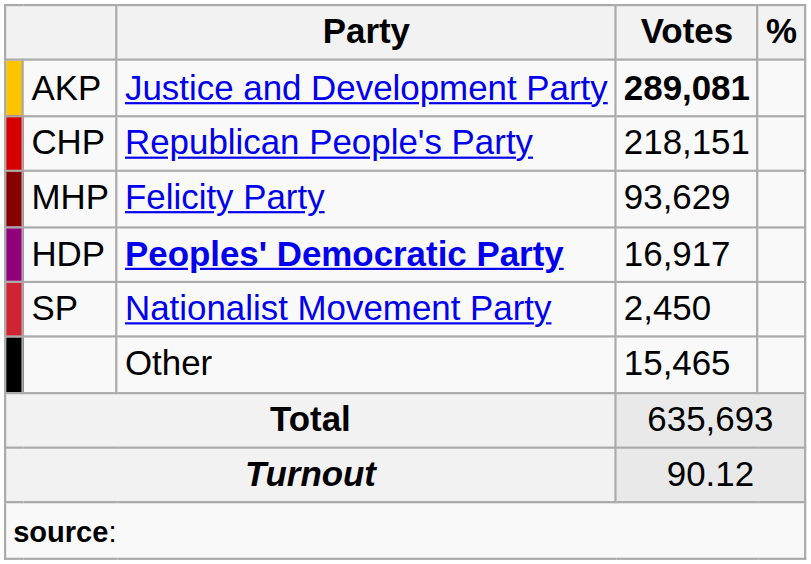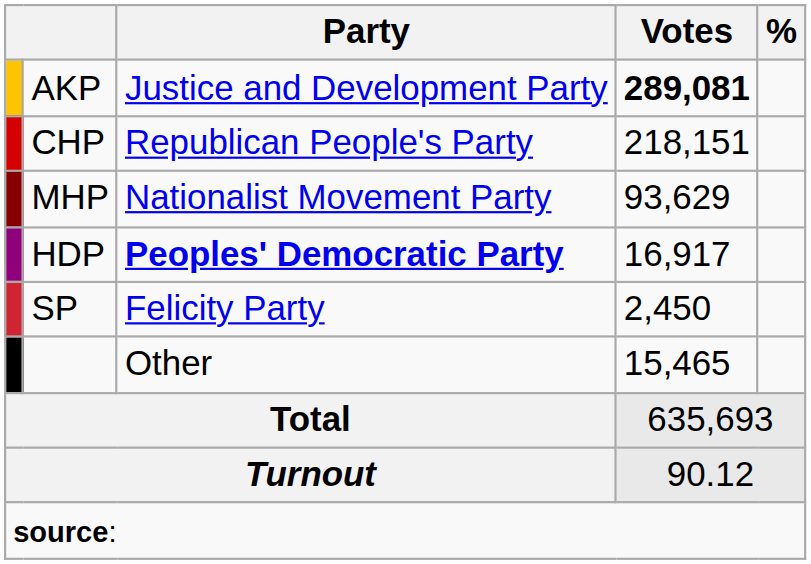 <table class="wikitable">
 <tr>
 <th colspan="2" align="center"></th>
 <th align="center">Party</th>
 <th align="center">Votes</th>
 <th align="center">%</th>
 </tr>
 <tr align="left">
 <td bgcolor="#FDC400" width="1"></td>
 <td>AKP</td>
 <td><a href='#'>Justice and Development Party</a></td>
 <td><strong>289,081</strong></td>
 <td><strong></strong></td>
 </tr>
 <tr align="left">
 <td bgcolor="#d50000" width="1"></td>
 <td>CHP</td>
 <td><a href='#'>Republican People's Party</a></td>
 <td>218,151</td>
 <td></td>
 </tr>
 <tr align="left">
 <td bgcolor="#870000" width="1"></td>
 <td>MHP</td>
-<td><a href='#'>Felicity Party</a></td>
+<td><a href='#'>Nationalist Movement Party</a></td>
 <td>93,629</td>
 <td></td>
 </tr>
 <tr align="left">
 <td bgcolor="#91007B" width="1"></td>
 <td>HDP</td>
 <td><strong><a href='#'>Peoples' Democratic Party</a></strong></td>
 <td>16,917</td>
 <td></td>
 </tr>
 <tr align="left">
 <td bgcolor="#D02433" width="1"></td>
 <td>SP</td>
-<td><a href='#'>Nationalist Movement Party</a></td>
+<td><a href='#'>Felicity Party</a></td>
 <td>2,450</td>
 <td></td>
 </tr>
 <tr align="left">
 <td bgcolor=" " width="1"></td>
 <td></td>
 <td>Other</td>
 <td>15,465</td>
 <td></td>
 </tr>
 <tr align="left" style="background-color:#E9E9E9">
 <th colspan="3" align="center"><strong>Total</strong></th>
 <td colspan="5" align="center">635,693</td>
 </tr>
 <tr align="left" style="background-color:#E9E9E9">
 <th colspan="3" align="center"><em>Turnout</em></th>
 <td colspan="5" align="center">90.12</td>
 </tr>
 <tr>
 <td colspan="9" align="left"><small><strong>source</strong>: </small></td>
 </tr>
 </table>
